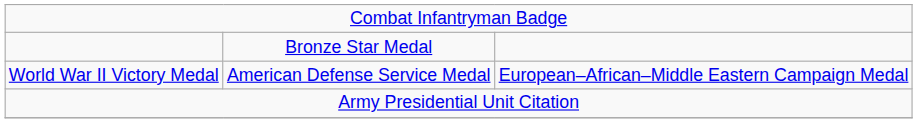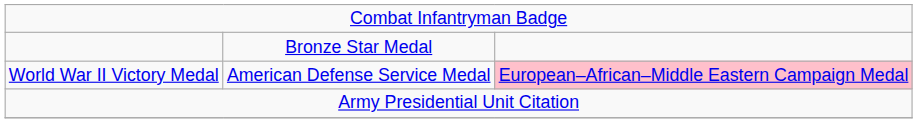 <table class="wikitable" style="margin:1em auto; text-align:center;">
 <tr>
 <td colspan="3"><a href='#'>Combat Infantryman Badge</a></td>
 </tr>
 <tr>
 <td></td>
 <td><a href='#'>Bronze Star Medal</a></td>
 <td></td>
 </tr>
 <tr>
 <td><a href='#'>World War II Victory Medal</a></td>
 <td><a href='#'>American Defense Service Medal</a></td>
-<td><a href='#'>European–African–Middle Eastern Campaign Medal</a></td>
+<td style="background: pink;"><a href='#'>European–African–Middle Eastern Campaign Medal</a></td>
 </tr>
 <tr>
 <td colspan="19"><a href='#'>Army Presidential Unit Citation</a></td>
 </tr>
 <tr>
 </tr>
 </table>
